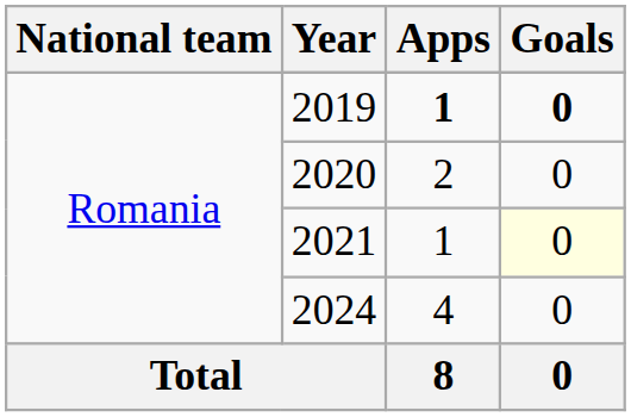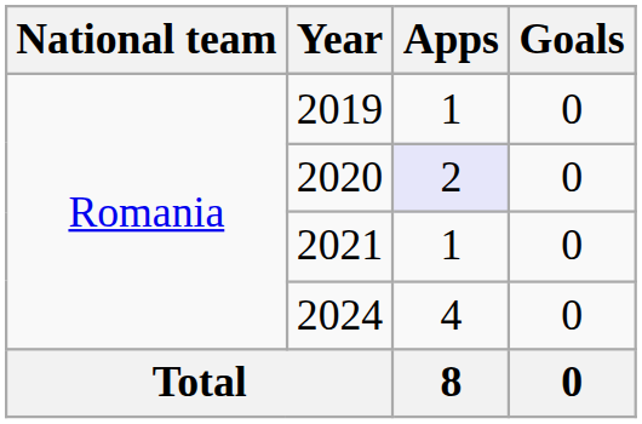 <table class="wikitable" style="text-align: center">
 <tr>
 <th>National team</th>
 <th>Year</th>
 <th>Apps</th>
 <th>Goals</th>
 </tr>
 <tr>
 <td rowspan="5"><a href='#'>Romania</a></td>
 </tr>
 <tr>
 <td>2019</td>
-<td><strong>1</strong></td>
-<td><strong>0</strong></td>
+<td>1</td>
+<td>0</td>
 </tr>
 <tr>
 <td>2020</td>
-<td>2</td>
+<td style="background: lavender;">2</td>
 <td>0</td>
 </tr>
 <tr>
 <td>2021</td>
 <td>1</td>
-<td style="background: lightyellow;">0</td>
+<td>0</td>
 </tr>
 <tr>
 <td>2024</td>
 <td>4</td>
 <td>0</td>
 </tr>
 <tr>
 <th colspan="2">Total</th>
 <th>8</th>
 <th>0</th>
 </tr>
 </table>
